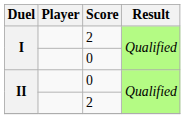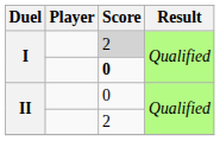 <table class="wikitable sortable">
 <tr>
 <th>Duel</th>
 <th>Player</th>
 <th>Score</th>
 <th>Result</th>
 </tr>
 <tr>
 <th rowspan="2" class="unsortable">I</th>
 <td></td>
-<td>2</td>
+<td style="background: lightgrey;">2</td>
 <td rowspan=2 style="background:#B4FB84"><em>Qualified</em></td>
 </tr>
 <tr>
 <td></td>
-<td>0</td>
+<td><strong>0</strong></td>
 </tr>
 <tr>
 <th rowspan="2" class="unsortable">II</th>
 <td></td>
 <td>0</td>
 <td rowspan=2 style="background:#B4FB84"><em>Qualified</em></td>
 </tr>
 <tr>
 <td></td>
 <td>2</td>
 </tr>
 <tr>
 </tr>
 </table>
